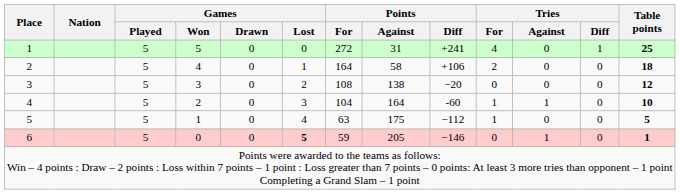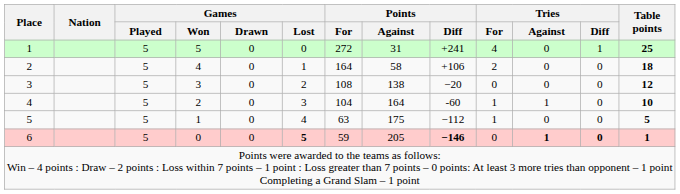 <table class="wikitable" style="text-align:center">
 <tr>
 <th rowspan="2">Place</th>
 <th rowspan="2">Nation</th>
 <th colspan="4">Games</th>
 <th colspan="3">Points</th>
 <th colspan="3">Tries</th>
 <th rowspan="2">Table<br>points</th>
 </tr>
 <tr>
 <th>Played</th>
 <th>Won</th>
 <th>Drawn</th>
 <th>Lost</th>
 <th>For</th>
 <th>Against</th>
 <th>Diff</th>
 <th>For</th>
 <th>Against</th>
 <th>Diff</th>
 </tr>
 <tr style="background:#cfc">
 <td>1</td>
 <td align=left></td>
 <td>5</td>
 <td>5</td>
 <td>0</td>
 <td>0</td>
 <td>272</td>
 <td>31</td>
 <td>+241</td>
 <td>4</td>
 <td>0</td>
 <td>1</td>
 <td><strong>25</strong></td>
 </tr>
 <tr>
 <td>2</td>
 <td align=left></td>
 <td>5</td>
 <td>4</td>
 <td>0</td>
 <td>1</td>
 <td>164</td>
 <td>58</td>
 <td>+106</td>
 <td>2</td>
 <td>0</td>
 <td>0</td>
 <td><strong>18</strong></td>
 </tr>
 <tr>
 <td>3</td>
 <td align=left></td>
 <td>5</td>
 <td>3</td>
 <td>0</td>
 <td>2</td>
 <td>108</td>
 <td>138</td>
 <td>−20</td>
 <td>0</td>
 <td>0</td>
 <td>0</td>
 <td><strong>12</strong></td>
 </tr>
 <tr>
 <td>4</td>
 <td align=left></td>
 <td>5</td>
 <td>2</td>
 <td>0</td>
 <td>3</td>
 <td>104</td>
 <td>164</td>
 <td>-60</td>
 <td>1</td>
 <td>1</td>
 <td>0</td>
 <td><strong>10</strong></td>
 </tr>
 <tr>
 <td>5</td>
 <td align=left></td>
 <td>5</td>
 <td>1</td>
 <td>0</td>
 <td>4</td>
 <td>63</td>
 <td>175</td>
 <td>−112</td>
 <td>1</td>
 <td>0</td>
 <td>0</td>
 <td><strong>5</strong></td>
 </tr>
 <tr style="background:#fcc">
 <td>6</td>
 <td align=left></td>
 <td>5</td>
 <td>0</td>
 <td>0</td>
 <td><strong>5</strong></td>
 <td>59</td>
 <td>205</td>
-<td>−146</td>
+<td><strong>−146</strong></td>
 <td>0</td>
-<td>1</td>
-<td>0</td>
+<td><strong>1</strong></td>
+<td><strong>0</strong></td>
 <td><strong>1</strong></td>
 </tr>
 <tr>
 <td colspan="13">Points were awarded to the teams as follows:<br>Win – 4 points : Draw – 2 points : Loss within 7 points – 1 point : Loss greater than 7 points – 0 points: At least 3 more tries than opponent – 1 point<br>Completing a Grand Slam – 1 point</td>
 </tr>
 </table>
